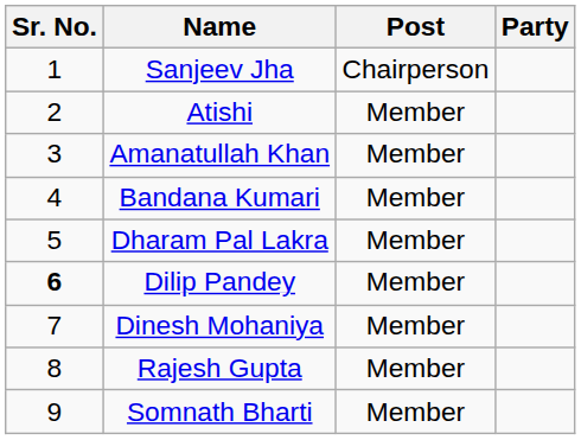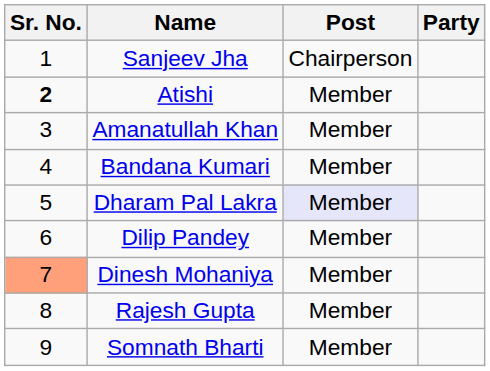 <table class="wikitable sortable">
 <tr>
 <th>Sr. No.</th>
 <th>Name</th>
 <th>Post</th>
 <th colspan="2">Party</th>
 </tr>
 <tr align="center">
 <td>1</td>
 <td><a href='#'>Sanjeev Jha</a></td>
 <td>Chairperson</td>
 <td></td>
 </tr>
 <tr align="center">
-<td>2</td>
+<td><strong>2</strong></td>
 <td><a href='#'>Atishi</a></td>
 <td>Member</td>
 <td></td>
 </tr>
 <tr align="center">
 <td>3</td>
 <td><a href='#'>Amanatullah Khan</a></td>
 <td>Member</td>
 <td></td>
 </tr>
 <tr align="center">
 <td>4</td>
 <td><a href='#'>Bandana Kumari</a></td>
 <td>Member</td>
 <td></td>
 </tr>
 <tr align="center">
 <td>5</td>
 <td><a href='#'>Dharam Pal Lakra</a></td>
-<td>Member</td>
+<td style="background: lavender;">Member</td>
 <td></td>
 </tr>
 <tr align="center">
-<td><strong>6</strong></td>
+<td>6</td>
 <td><a href='#'>Dilip Pandey</a></td>
 <td>Member</td>
 <td></td>
 </tr>
 <tr align="center">
-<td>7</td>
+<td style="background: lightsalmon;">7</td>
 <td><a href='#'>Dinesh Mohaniya</a></td>
 <td>Member</td>
 <td></td>
 </tr>
 <tr align="center">
 <td>8</td>
 <td><a href='#'>Rajesh Gupta</a></td>
 <td>Member</td>
 <td></td>
 </tr>
 <tr align="center">
 <td>9</td>
 <td><a href='#'>Somnath Bharti</a></td>
 <td>Member</td>
 <td></td>
 </tr>
 </table>
